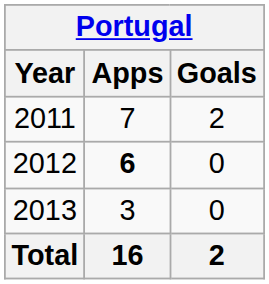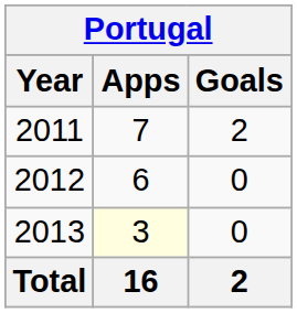 <table class="wikitable" style="text-align:center">
 <tr>
 <th colspan="3"><a href='#'>Portugal</a></th>
 </tr>
 <tr>
 <th>Year</th>
 <th>Apps</th>
 <th>Goals</th>
 </tr>
 <tr>
 <td>2011</td>
 <td>7</td>
 <td>2</td>
 </tr>
 <tr>
 <td>2012</td>
-<td><strong>6</strong></td>
+<td>6</td>
 <td>0</td>
 </tr>
 <tr>
 <td>2013</td>
-<td>3</td>
+<td style="background: lightyellow;">3</td>
 <td>0</td>
 </tr>
 <tr>
 <th>Total</th>
 <th>16</th>
 <th>2</th>
 </tr>
 </table>
